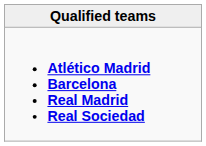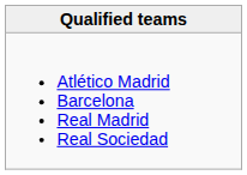 <table class="wikitable" style="font-size:90%" width=200>
 <tr bgcolor=#efefef align=center>
 <td><strong>Qualified teams</strong><br></td>
 </tr>
 <tr valign=top>
-<td><strong><br><ul><li><a href='#'>Atlético Madrid</a></li><li><a href='#'>Barcelona</a></li><li><a href='#'>Real Madrid</a></li><li><a href='#'>Real Sociedad</a></li></ul></strong></td>
+<td><br><ul><li><a href='#'>Atlético Madrid</a></li><li><a href='#'>Barcelona</a></li><li><a href='#'>Real Madrid</a></li><li><a href='#'>Real Sociedad</a></li></ul></td>
 </tr>
 </table>
